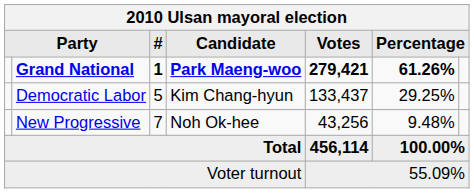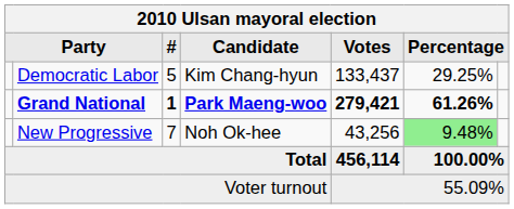 <table class="wikitable">
 <tr>
 <th colspan="7">2010 Ulsan mayoral election</th>
 </tr>
 <tr>
 <th style="background-color:#E9E9E9" colspan=2>Party</th>
 <th style="background-color:#E9E9E9">#</th>
 <th style="background-color:#E9E9E9">Candidate</th>
 <th style="background-color:#E9E9E9">Votes</th>
 <th style="background-color:#E9E9E9" colspan=2>Percentage</th>
+</tr>
+<tr>
+<td></td>
+<td align=left><a href='#'>Democratic Labor</a></td>
+<td align=center>5</td>
+<td align=left>Kim Chang-hyun</td>
+<td align=right>133,437</td>
+<td align=right>29.25%</td>
+<td align=right></td>
 </tr>
 <tr style="font-weight:bold">
 <td></td>
 <td align=left><a href='#'>Grand National</a></td>
 <td align=center>1</td>
 <td align=left><a href='#'>Park Maeng-woo</a></td>
 <td align=right>279,421</td>
 <td align=right>61.26%</td>
 <td align=right></td>
 </tr>
 <tr>
 <td></td>
-<td align=left><a href='#'>Democratic Labor</a></td>
-<td align=center>5</td>
-<td align=left>Kim Chang-hyun</td>
-<td align=right>133,437</td>
-<td align=right>29.25%</td>
-<td align=right></td>
-</tr>
-<tr>
-<td></td>
 <td align=left><a href='#'>New Progressive</a></td>
 <td align=center>7</td>
 <td align=left>Noh Ok-hee</td>
 <td align=right>43,256</td>
-<td align=right>9.48%</td>
+<td align=right style="background: lightgreen;">9.48%</td>
 <td align=right></td>
 </tr>
 <tr bgcolor="#EEEEEE" style="font-weight:bold">
 <td colspan="4" align=right>Total</td>
 <td align=right>456,114</td>
 <td align=right colspan=2>100.00%</td>
 </tr>
 <tr bgcolor="#EEEEEE">
 <td colspan="4" align="right">Voter turnout</td>
 <td colspan="3" align="right">55.09%</td>
 </tr>
 </table>
